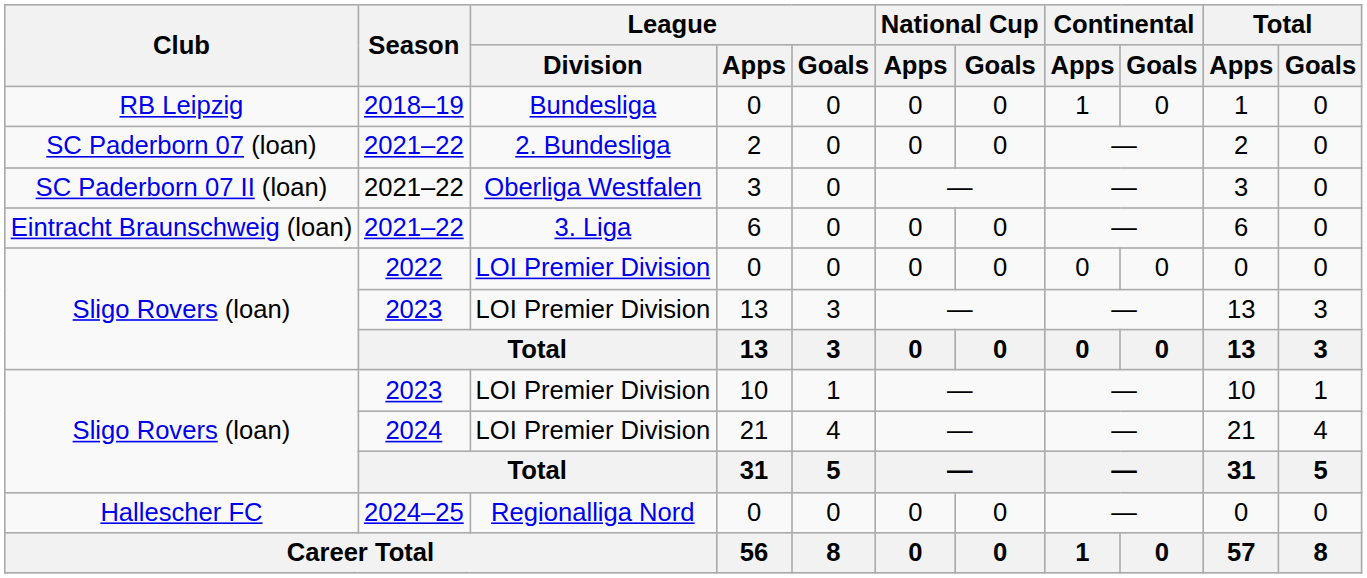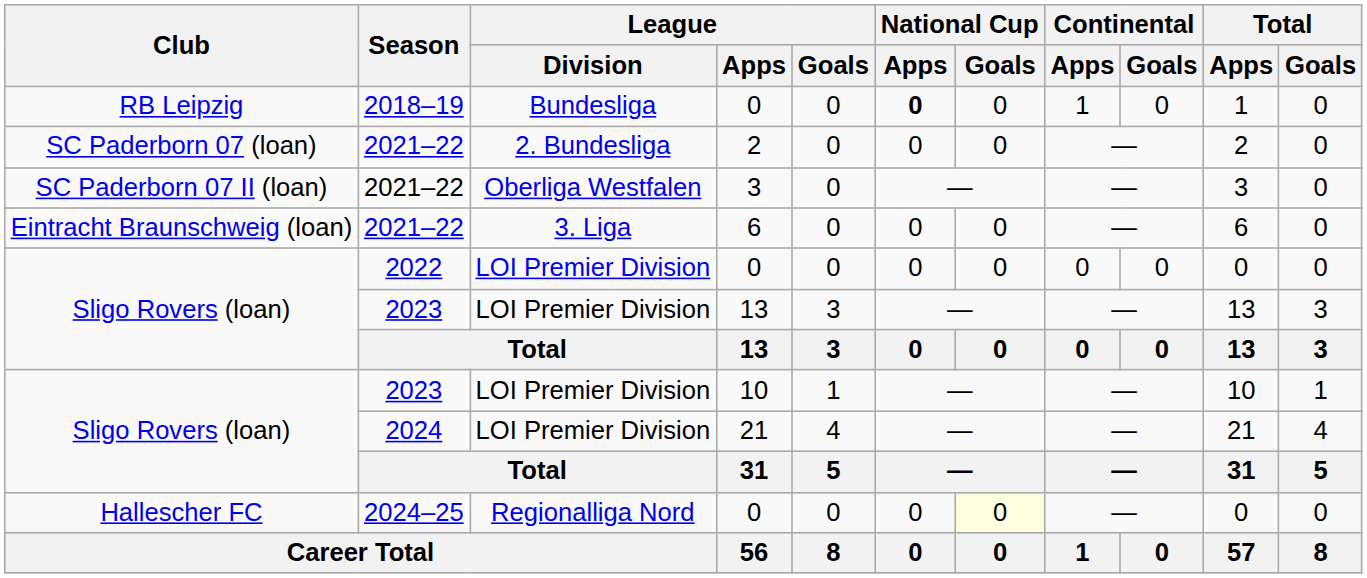 <table class="wikitable" Style="text-align: center">
 <tr>
 <th rowspan="2">Club</th>
 <th rowspan="2">Season</th>
 <th colspan="3">League</th>
 <th colspan="2">National Cup</th>
 <th colspan="2">Continental</th>
 <th colspan="2">Total</th>
 </tr>
 <tr>
 <th>Division</th>
 <th>Apps</th>
 <th>Goals</th>
 <th>Apps</th>
 <th>Goals</th>
 <th>Apps</th>
 <th>Goals</th>
 <th>Apps</th>
 <th>Goals</th>
 </tr>
 <tr>
 <td><a href='#'>RB Leipzig</a></td>
 <td><a href='#'>2018–19</a></td>
 <td><a href='#'>Bundesliga</a></td>
 <td>0</td>
 <td>0</td>
-<td>0</td>
+<td><strong>0</strong></td>
 <td>0</td>
 <td>1</td>
 <td>0</td>
 <td>1</td>
 <td>0</td>
 </tr>
 <tr>
 <td><a href='#'>SC Paderborn 07</a> (loan)</td>
 <td><a href='#'>2021–22</a></td>
 <td><a href='#'>2. Bundesliga</a></td>
 <td>2</td>
 <td>0</td>
 <td>0</td>
 <td>0</td>
 <td colspan="2">—</td>
 <td>2</td>
 <td>0</td>
 </tr>
 <tr>
 <td><a href='#'>SC Paderborn 07 II</a> (loan)</td>
 <td>2021–22</td>
 <td><a href='#'>Oberliga Westfalen</a></td>
 <td>3</td>
 <td>0</td>
 <td colspan="2">—</td>
 <td colspan="2">—</td>
 <td>3</td>
 <td>0</td>
 </tr>
 <tr>
 <td><a href='#'>Eintracht Braunschweig</a> (loan)</td>
 <td><a href='#'>2021–22</a></td>
 <td><a href='#'>3. Liga</a></td>
 <td>6</td>
 <td>0</td>
 <td>0</td>
 <td>0</td>
 <td colspan="2">—</td>
 <td>6</td>
 <td>0</td>
 </tr>
 <tr>
 <td rowspan="3"><a href='#'>Sligo Rovers</a> (loan)</td>
 <td><a href='#'>2022</a></td>
 <td><a href='#'>LOI Premier Division</a></td>
 <td>0</td>
 <td>0</td>
 <td>0</td>
 <td>0</td>
 <td>0</td>
 <td>0</td>
 <td>0</td>
 <td>0</td>
 </tr>
 <tr>
 <td><a href='#'>2023</a></td>
 <td>LOI Premier Division</td>
 <td>13</td>
 <td>3</td>
 <td colspan="2">—</td>
 <td colspan="2">—</td>
 <td>13</td>
 <td>3</td>
 </tr>
 <tr>
 <th colspan="2">Total</th>
 <th>13</th>
 <th>3</th>
 <th>0</th>
 <th>0</th>
 <th>0</th>
 <th>0</th>
 <th>13</th>
 <th>3</th>
 </tr>
 <tr>
 <td rowspan="3"><a href='#'>Sligo Rovers</a> (loan)</td>
 <td><a href='#'>2023</a></td>
 <td>LOI Premier Division</td>
 <td>10</td>
 <td>1</td>
 <td colspan="2">—</td>
 <td colspan="2">—</td>
 <td>10</td>
 <td>1</td>
 </tr>
 <tr>
 <td><a href='#'>2024</a></td>
 <td>LOI Premier Division</td>
 <td>21</td>
 <td>4</td>
 <td colspan="2">—</td>
 <td colspan="2">—</td>
 <td>21</td>
 <td>4</td>
 </tr>
 <tr>
 <th colspan="2">Total</th>
 <th>31</th>
 <th>5</th>
 <th colspan="2">—</th>
 <th colspan="2">—</th>
 <th>31</th>
 <th>5</th>
 </tr>
 <tr>
 <td><a href='#'>Hallescher FC</a></td>
 <td><a href='#'>2024–25</a></td>
 <td><a href='#'>Regionalliga Nord</a></td>
 <td>0</td>
 <td>0</td>
 <td>0</td>
-<td>0</td>
+<td style="background: lightyellow;">0</td>
 <td colspan="2">—</td>
 <td>0</td>
 <td>0</td>
 </tr>
 <tr>
 <th colspan="3">Career Total</th>
 <th>56</th>
 <th>8</th>
 <th>0</th>
 <th>0</th>
 <th>1</th>
 <th>0</th>
 <th>57</th>
 <th>8</th>
 </tr>
 </table>
